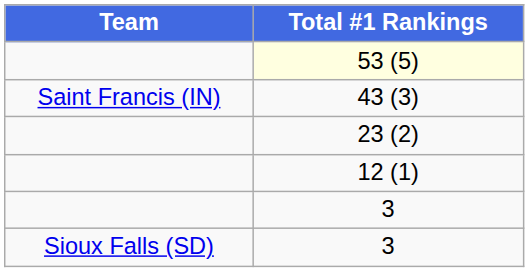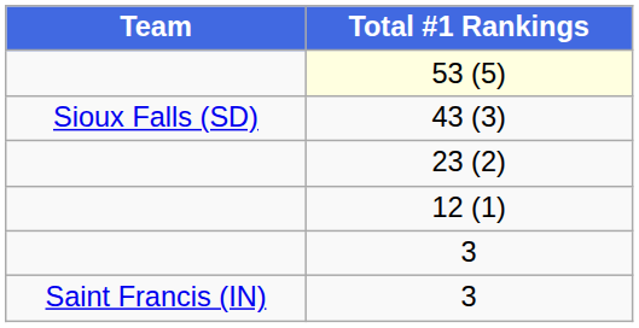 <table class="wikitable" style="width:40%;">
 <tr>
 <th style="background:#4169E1; color:white;">Team</th>
 <th style="background:#4169E1; color:white;">Total #1 Rankings</th>
 </tr>
 <tr style="text-align:center;">
 <td></td>
 <td style="background: lightyellow;">53 (5)</td>
 </tr>
 <tr style="text-align:center;">
-<td><a href='#'>Saint Francis (IN)</a></td>
+<td><a href='#'>Sioux Falls (SD)</a></td>
 <td>43 (3)</td>
 </tr>
 <tr style="text-align:center;">
 <td></td>
 <td>23 (2)</td>
 </tr>
 <tr style="text-align:center;">
 <td></td>
 <td>12 (1)</td>
 </tr>
 <tr style="text-align:center;">
 <td></td>
 <td>3</td>
 </tr>
 <tr style="text-align:center;">
-<td><a href='#'>Sioux Falls (SD)</a></td>
+<td><a href='#'>Saint Francis (IN)</a></td>
 <td>3</td>
 </tr>
 </table>
